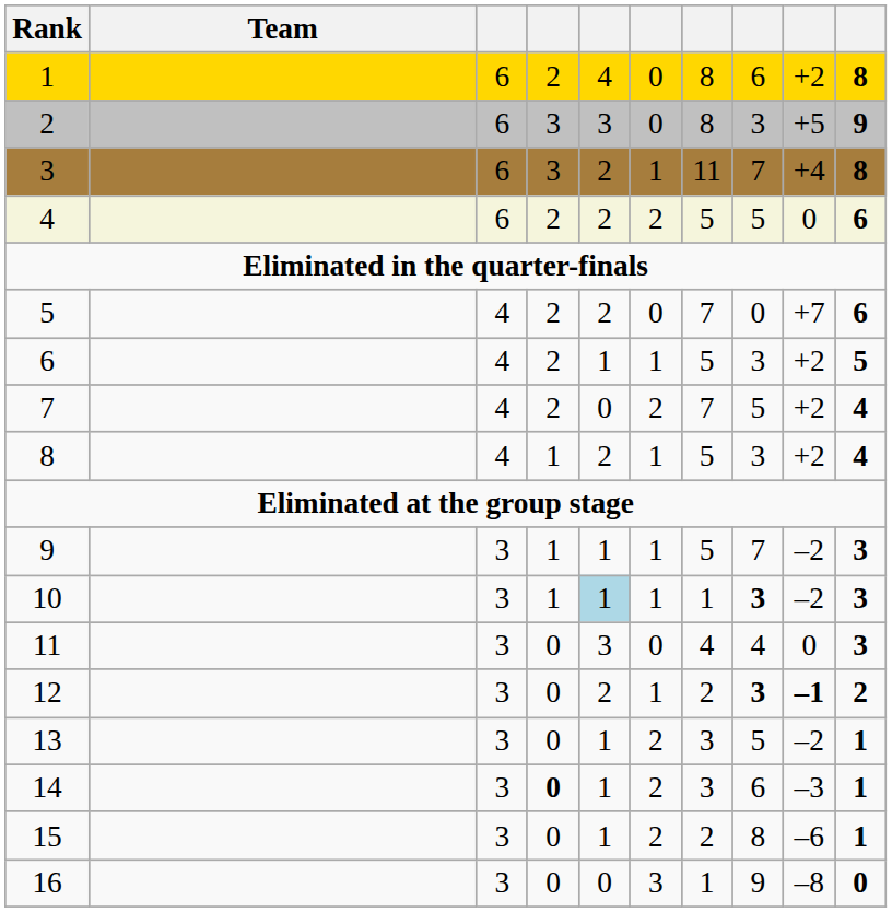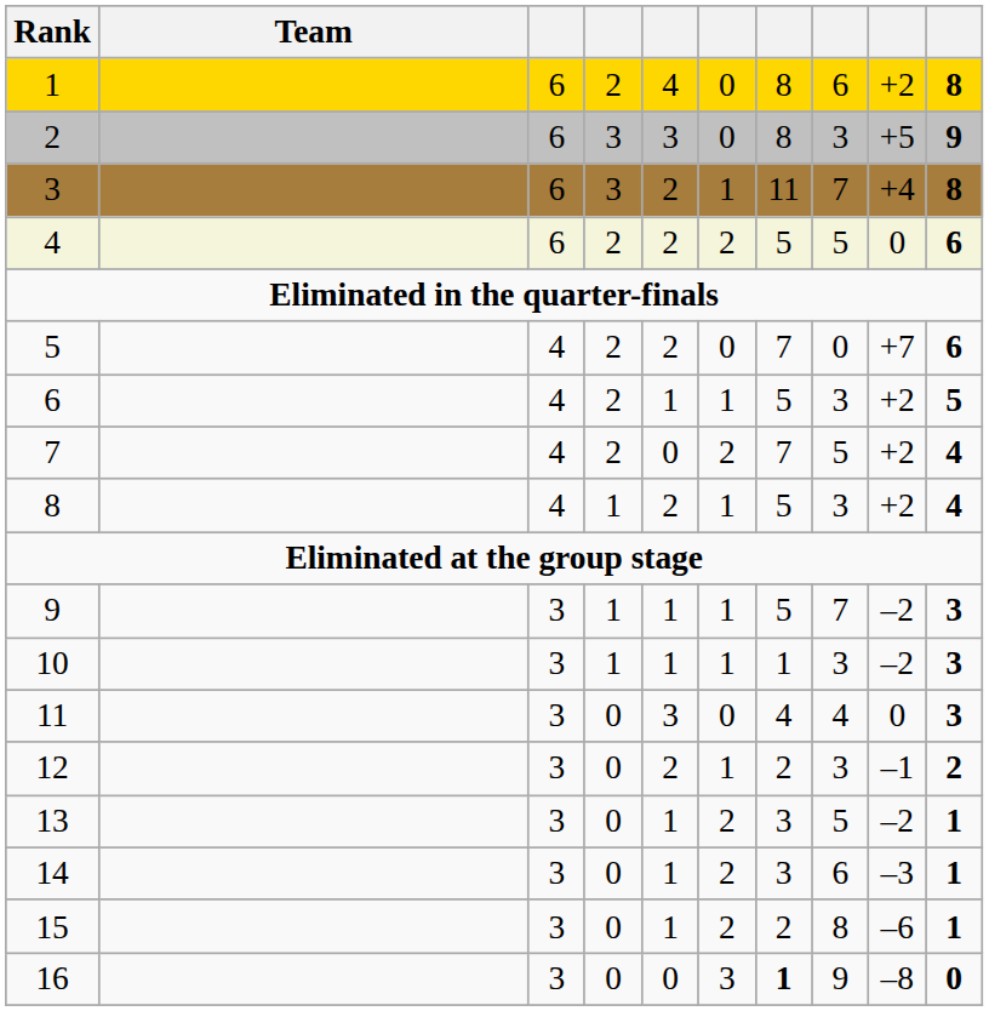 <table class="wikitable" style="text-align:center">
 <tr>
 <th width=20>Rank</th>
 <th width=200>Team</th>
 <th width="20"></th>
 <th width="20"></th>
 <th width="20"></th>
 <th width="20"></th>
 <th width="20"></th>
 <th width="20"></th>
 <th width="20"></th>
 <th width="20"></th>
 </tr>
 <tr style="background:gold;">
 <td>1</td>
 <td style="text-align:left;"></td>
 <td>6</td>
 <td>2</td>
 <td>4</td>
 <td>0</td>
 <td>8</td>
 <td>6</td>
 <td>+2</td>
 <td><strong>8</strong></td>
 </tr>
 <tr style="background:silver;">
 <td>2</td>
 <td style="text-align:left;"></td>
 <td>6</td>
 <td>3</td>
 <td>3</td>
 <td>0</td>
 <td>8</td>
 <td>3</td>
 <td>+5</td>
 <td><strong>9</strong></td>
 </tr>
 <tr style="background:#a67d3d;">
 <td>3</td>
 <td style="text-align:left;"></td>
 <td>6</td>
 <td>3</td>
 <td>2</td>
 <td>1</td>
 <td>11</td>
 <td>7</td>
 <td>+4</td>
 <td><strong>8</strong></td>
 </tr>
 <tr style="background:beige;">
 <td>4</td>
 <td style="text-align:left;"></td>
 <td>6</td>
 <td>2</td>
 <td>2</td>
 <td>2</td>
 <td>5</td>
 <td>5</td>
 <td>0</td>
 <td><strong>6</strong></td>
 </tr>
 <tr>
 <td colspan="11"><strong>Eliminated in the quarter-finals</strong></td>
 </tr>
 <tr>
 <td>5</td>
 <td style="text-align:left;"></td>
 <td>4</td>
 <td>2</td>
 <td>2</td>
 <td>0</td>
 <td>7</td>
 <td>0</td>
 <td>+7</td>
 <td><strong>6</strong></td>
 </tr>
 <tr>
 <td>6</td>
 <td style="text-align:left;"></td>
 <td>4</td>
 <td>2</td>
 <td>1</td>
 <td>1</td>
 <td>5</td>
 <td>3</td>
 <td>+2</td>
 <td><strong>5</strong></td>
 </tr>
 <tr>
 <td>7</td>
 <td style="text-align:left;"></td>
 <td>4</td>
 <td>2</td>
 <td>0</td>
 <td>2</td>
 <td>7</td>
 <td>5</td>
 <td>+2</td>
 <td><strong>4</strong></td>
 </tr>
 <tr>
 <td>8</td>
 <td style="text-align:left;"></td>
 <td>4</td>
 <td>1</td>
 <td>2</td>
 <td>1</td>
 <td>5</td>
 <td>3</td>
 <td>+2</td>
 <td><strong>4</strong></td>
 </tr>
 <tr>
 <td colspan="11"><strong>Eliminated at the group stage</strong></td>
 </tr>
 <tr>
 <td>9</td>
 <td style="text-align:left;"></td>
 <td>3</td>
 <td>1</td>
 <td>1</td>
 <td>1</td>
 <td>5</td>
 <td>7</td>
 <td>–2</td>
 <td><strong>3</strong></td>
 </tr>
 <tr>
 <td>10</td>
 <td style="text-align:left;"></td>
 <td>3</td>
 <td>1</td>
-<td style="background: lightblue;">1</td>
 <td>1</td>
 <td>1</td>
-<td><strong>3</strong></td>
+<td>1</td>
+<td>3</td>
 <td>–2</td>
 <td><strong>3</strong></td>
 </tr>
 <tr>
 <td>11</td>
 <td style="text-align:left;"></td>
 <td>3</td>
 <td>0</td>
 <td>3</td>
 <td>0</td>
 <td>4</td>
 <td>4</td>
 <td>0</td>
 <td><strong>3</strong></td>
 </tr>
 <tr>
 <td>12</td>
 <td style="text-align:left;"></td>
 <td>3</td>
 <td>0</td>
 <td>2</td>
 <td>1</td>
 <td>2</td>
-<td><strong>3</strong></td>
-<td><strong>–1</strong></td>
+<td>3</td>
+<td>–1</td>
 <td><strong>2</strong></td>
 </tr>
 <tr>
 <td>13</td>
 <td style="text-align:left;"></td>
 <td>3</td>
 <td>0</td>
 <td>1</td>
 <td>2</td>
 <td>3</td>
 <td>5</td>
 <td>–2</td>
 <td><strong>1</strong></td>
 </tr>
 <tr>
 <td>14</td>
 <td style="text-align:left;"></td>
 <td>3</td>
-<td><strong>0</strong></td>
+<td>0</td>
 <td>1</td>
 <td>2</td>
 <td>3</td>
 <td>6</td>
 <td>–3</td>
 <td><strong>1</strong></td>
 </tr>
 <tr>
 <td>15</td>
 <td style="text-align:left;"></td>
 <td>3</td>
 <td>0</td>
 <td>1</td>
 <td>2</td>
 <td>2</td>
 <td>8</td>
 <td>–6</td>
 <td><strong>1</strong></td>
 </tr>
 <tr>
 <td>16</td>
 <td style="text-align:left;"></td>
 <td>3</td>
 <td>0</td>
 <td>0</td>
 <td>3</td>
-<td>1</td>
+<td><strong>1</strong></td>
 <td>9</td>
 <td>–8</td>
 <td><strong>0</strong></td>
 </tr>
 </table>
